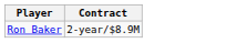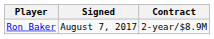 <table class="wikitable sortable sortable" style="text-align: center">
 <tr>
 <th>Player</th>
+<th>Signed</th>
 <th>Contract</th>
 </tr>
 <tr>
 <td><a href='#'>Ron Baker</a></td>
+<td>August 7, 2017</td>
 <td>2-year/$8.9M</td>
 </tr>
 </table>
